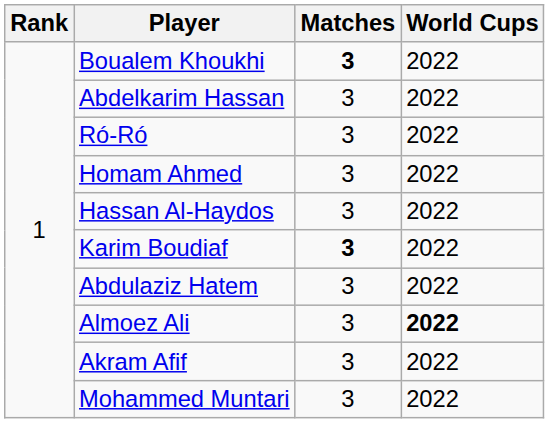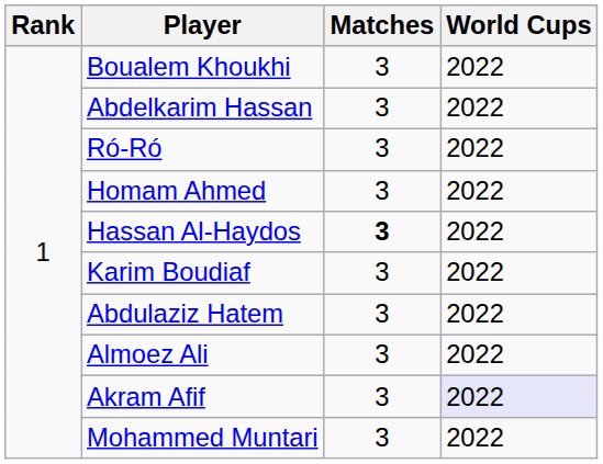 <table class="wikitable" style="text-align: left;">
 <tr>
 <th>Rank</th>
 <th>Player</th>
 <th>Matches</th>
 <th>World Cups</th>
 </tr>
 <tr>
 <td rowspan=10 align=center>1</td>
 <td><a href='#'>Boualem Khoukhi</a></td>
-<td align=center><strong>3</strong></td>
+<td align=center>3</td>
 <td>2022</td>
 </tr>
 <tr>
 <td><a href='#'>Abdelkarim Hassan</a></td>
 <td align=center>3</td>
 <td>2022</td>
 </tr>
 <tr>
 <td><a href='#'>Ró-Ró</a></td>
 <td align=center>3</td>
 <td>2022</td>
 </tr>
 <tr>
 <td><a href='#'>Homam Ahmed</a></td>
 <td align=center>3</td>
 <td>2022</td>
 </tr>
 <tr>
 <td><a href='#'>Hassan Al-Haydos</a></td>
-<td align=center>3</td>
+<td align=center><strong>3</strong></td>
 <td>2022</td>
 </tr>
 <tr>
 <td><a href='#'>Karim Boudiaf</a></td>
-<td align=center><strong>3</strong></td>
+<td align=center>3</td>
 <td>2022</td>
 </tr>
 <tr>
 <td><a href='#'>Abdulaziz Hatem</a></td>
 <td align=center>3</td>
 <td>2022</td>
 </tr>
 <tr>
 <td><a href='#'>Almoez Ali</a></td>
 <td align=center>3</td>
-<td><strong>2022</strong></td>
+<td>2022</td>
 </tr>
 <tr>
 <td><a href='#'>Akram Afif</a></td>
 <td align=center>3</td>
-<td>2022</td>
+<td style="background: lavender;">2022</td>
 </tr>
 <tr>
 <td><a href='#'>Mohammed Muntari</a></td>
 <td align=center>3</td>
 <td>2022</td>
 </tr>
 </table>
